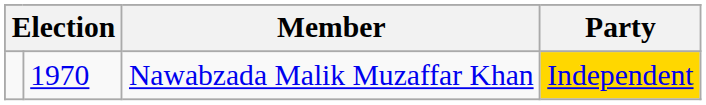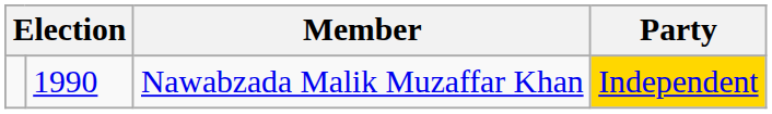 <table class="wikitable">
 <tr>
 <th colspan="2">Election</th>
 <th>Member</th>
 <th>Party</th>
 </tr>
 <tr>
 <td style="background-color: "></td>
-<td><a href='#'>1970</a></td>
+<td><a href='#'>1990</a></td>
 <td><a href='#'>Nawabzada Malik Muzaffar Khan</a></td>
 <td style="background: gold;"><a href='#'>Independent</a></td>
 </tr>
 </table>
